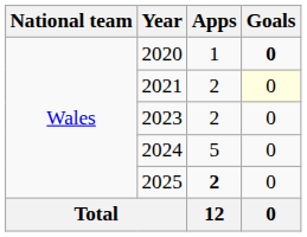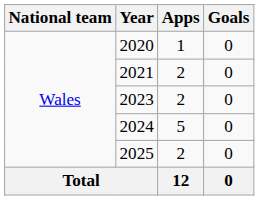 <table class=wikitable style="text-align: center;">
 <tr>
 <th>National team</th>
 <th>Year</th>
 <th>Apps</th>
 <th>Goals</th>
 </tr>
 <tr>
 <td rowspan="5"><a href='#'>Wales</a></td>
 <td>2020</td>
 <td>1</td>
-<td><strong>0</strong></td>
+<td>0</td>
 </tr>
 <tr>
 <td>2021</td>
 <td>2</td>
-<td style="background: lightyellow;">0</td>
+<td>0</td>
 </tr>
 <tr>
 <td>2023</td>
 <td>2</td>
 <td>0</td>
 </tr>
 <tr>
 <td>2024</td>
 <td>5</td>
 <td>0</td>
 </tr>
 <tr>
 <td>2025</td>
-<td><strong>2</strong></td>
+<td>2</td>
 <td>0</td>
 </tr>
 <tr>
 <th colspan="2">Total</th>
 <th>12</th>
 <th>0</th>
 </tr>
 </table>
